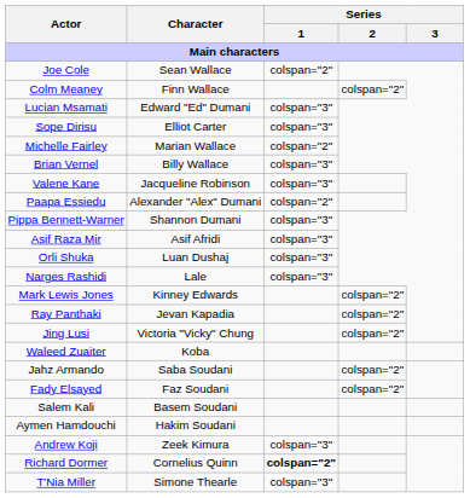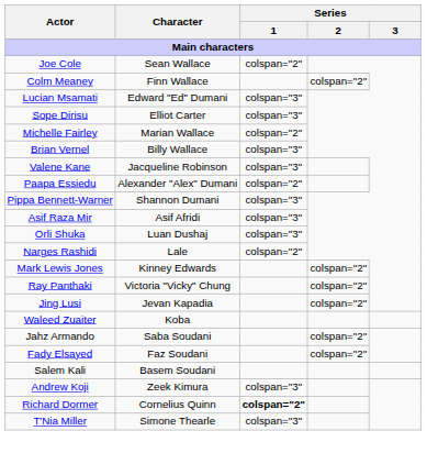 <table class="wikitable plainrowheaders" style="text-align:center;">
 <tr>
 <th rowspan="2" scope="col">Actor</th>
 <th rowspan="2" scope="col">Character</th>
 <th colspan="3" scope="col">Series</th>
 </tr>
 <tr>
 <th scope="col" style="width:70px;">1</th>
 <th scope="col" style="width:70px;">2</th>
 <th scope="col" style="width:70px;">3</th>
 </tr>
 <tr>
 <th colspan="5" style="background:#ccf;">Main characters</th>
 </tr>
 <tr>
 <td scope="row"><a href='#'>Joe Cole</a></td>
 <td>Sean Wallace</td>
 <td>colspan="2" </td>
 </tr>
 <tr>
 <td scope="row"><a href='#'>Colm Meaney</a></td>
 <td>Finn Wallace</td>
 <td></td>
 <td>colspan="2" </td>
 </tr>
 <tr>
 <td scope="row"><a href='#'>Lucian Msamati</a></td>
 <td>Edward "Ed" Dumani</td>
 <td>colspan="3" </td>
 </tr>
 <tr>
 <td scope="row"><a href='#'>Sope Dirisu</a></td>
 <td>Elliot Carter</td>
 <td>colspan="3" </td>
 </tr>
 <tr>
 <td scope="row"><a href='#'>Michelle Fairley</a></td>
 <td>Marian Wallace</td>
 <td>colspan="2" </td>
 </tr>
 <tr>
 <td scope="row"><a href='#'>Brian Vernel</a></td>
 <td>Billy Wallace</td>
 <td>colspan="3" </td>
 </tr>
 <tr>
 <td scope="row"><a href='#'>Valene Kane</a></td>
 <td>Jacqueline Robinson</td>
 <td>colspan="3" </td>
 <td></td>
 </tr>
 <tr>
 <td scope="row"><a href='#'>Paapa Essiedu</a></td>
 <td>Alexander "Alex" Dumani</td>
 <td>colspan="2" </td>
 <td></td>
 </tr>
 <tr>
 <td scope="row"><a href='#'>Pippa Bennett-Warner</a></td>
 <td>Shannon Dumani</td>
 <td>colspan="3" </td>
 </tr>
 <tr>
 <td scope="row"><a href='#'>Asif Raza Mir</a></td>
 <td>Asif Afridi</td>
 <td>colspan="3" </td>
 </tr>
 <tr>
 <td scope="row"><a href='#'>Orli Shuka</a></td>
 <td>Luan Dushaj</td>
 <td>colspan="3" </td>
 </tr>
 <tr>
 <td scope="row"><a href='#'>Narges Rashidi</a></td>
 <td>Lale</td>
-<td>colspan="3" </td>
+<td>colspan="2" </td>
 </tr>
 <tr>
 <td scope="row"><a href='#'>Mark Lewis Jones</a></td>
 <td>Kinney Edwards</td>
 <td></td>
 <td>colspan="2" </td>
 </tr>
 <tr>
 <td scope="row"><a href='#'>Ray Panthaki</a></td>
-<td>Jevan Kapadia</td>
+<td>Victoria "Vicky" Chung</td>
 <td></td>
 <td>colspan="2" </td>
 </tr>
 <tr>
 <td scope="row"><a href='#'>Jing Lusi</a></td>
-<td>Victoria "Vicky" Chung</td>
+<td>Jevan Kapadia</td>
 <td></td>
 <td>colspan="2" </td>
 </tr>
 <tr>
 <td scope="row"><a href='#'>Waleed Zuaiter</a></td>
 <td>Koba</td>
 <td></td>
 <td></td>
 <td></td>
 </tr>
 <tr>
 <td scope="row">Jahz Armando</td>
 <td>Saba Soudani</td>
 <td></td>
 <td>colspan="2" </td>
 </tr>
 <tr>
 <td scope="row"><a href='#'>Fady Elsayed</a></td>
 <td>Faz Soudani</td>
 <td></td>
 <td>colspan="2" </td>
 </tr>
 <tr>
 <td scope="row">Salem Kali</td>
 <td>Basem Soudani</td>
 <td></td>
 <td></td>
 <td></td>
 </tr>
 <tr>
-<td scope="row">Aymen Hamdouchi</td>
-<td>Hakim Soudani</td>
-<td></td>
-<td></td>
-<td></td>
-</tr>
-<tr>
 <td scope="row"><a href='#'>Andrew Koji</a></td>
 <td>Zeek Kimura</td>
 <td>colspan="3" </td>
 <td></td>
 </tr>
 <tr>
 <td scope="row"><a href='#'>Richard Dormer</a></td>
 <td>Cornelius Quinn</td>
 <td><strong>colspan="2" </strong></td>
 <td></td>
 </tr>
 <tr>
 <td scope="row"><a href='#'>T'Nia Miller</a></td>
 <td>Simone Thearle</td>
 <td>colspan="3" </td>
 <td></td>
 </tr>
 </table>
